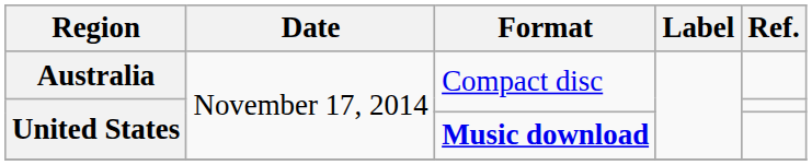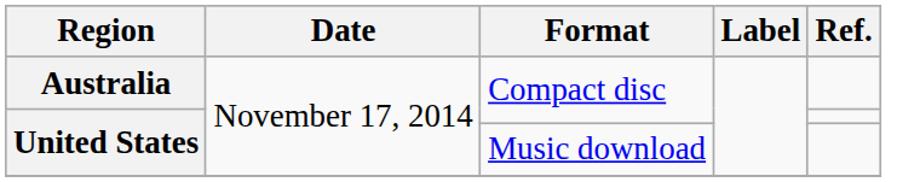 <table class="wikitable plainrowheaders">
 <tr>
 <th scope="col">Region</th>
 <th scope="col">Date</th>
 <th scope="col">Format</th>
 <th scope="col">Label</th>
 <th scope="col">Ref.</th>
 </tr>
 <tr>
 <th scope="row">Australia</th>
 <td rowspan="3">November 17, 2014</td>
 <td rowspan="2"><a href='#'>Compact disc</a></td>
 <td rowspan="3"></td>
 <td></td>
 </tr>
 <tr>
 <th scope="row" rowspan="2">United States</th>
 <td></td>
 </tr>
 <tr>
-<td><strong><a href='#'>Music download</a></strong></td>
+<td><a href='#'>Music download</a></td>
 <td></td>
 </tr>
 <tr>
 </tr>
 </table>
